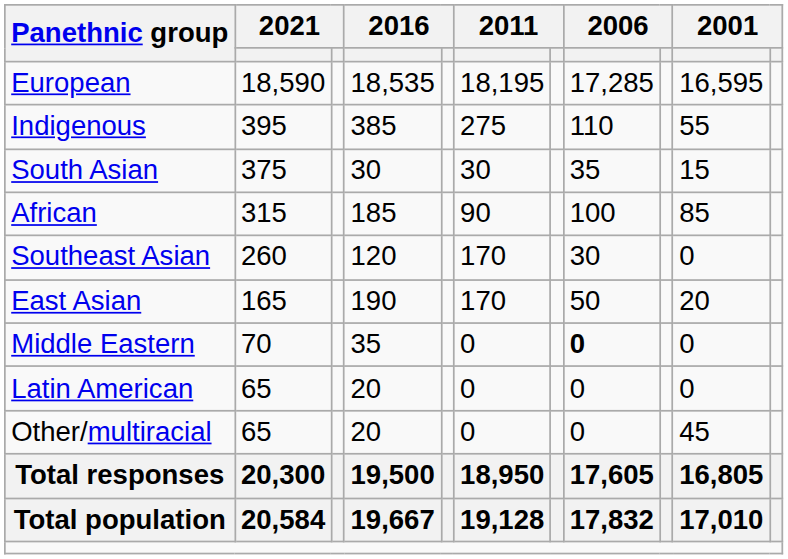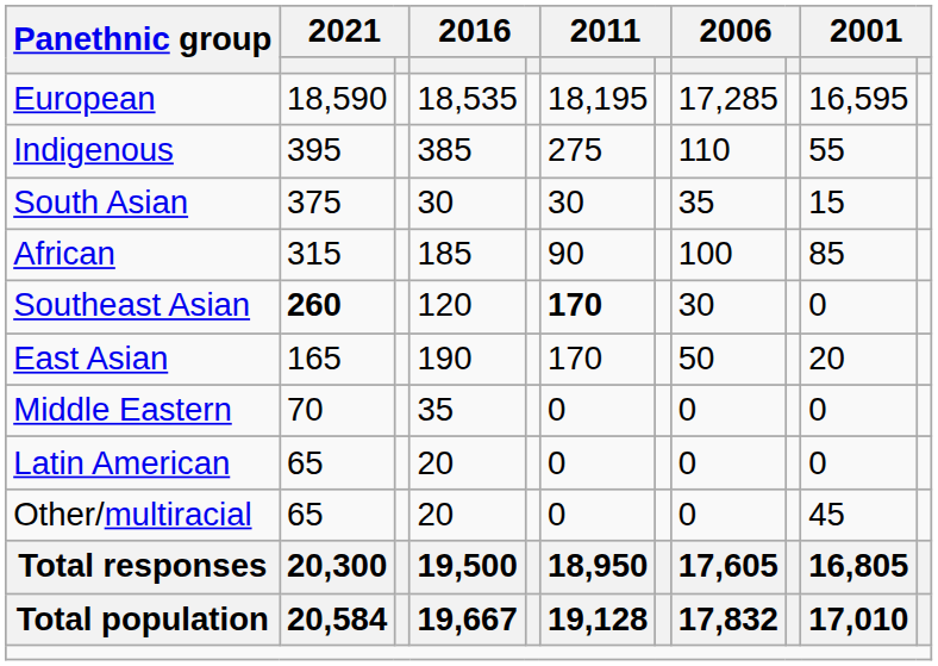 <table class="wikitable collapsible sortable">
 <tr>
 <th rowspan="2"><a href='#'>Panethnic</a> group</th>
 <th colspan="2">2021</th>
 <th colspan="2">2016</th>
 <th colspan="2">2011</th>
 <th colspan="2">2006</th>
 <th colspan="2">2001</th>
 </tr>
 <tr>
 <th><a href='#'></a></th>
 <th></th>
 <th></th>
 <th></th>
 <th></th>
 <th></th>
 <th></th>
 <th></th>
 <th></th>
 <th></th>
 </tr>
 <tr>
 <td><a href='#'>European</a></td>
 <td>18,590</td>
 <td></td>
 <td>18,535</td>
 <td></td>
 <td>18,195</td>
 <td></td>
 <td>17,285</td>
 <td></td>
 <td>16,595</td>
 <td></td>
 </tr>
 <tr>
 <td><a href='#'>Indigenous</a></td>
 <td>395</td>
 <td></td>
 <td>385</td>
 <td></td>
 <td>275</td>
 <td></td>
 <td>110</td>
 <td></td>
 <td>55</td>
 <td></td>
 </tr>
 <tr>
 <td><a href='#'>South Asian</a></td>
 <td>375</td>
 <td></td>
 <td>30</td>
 <td></td>
 <td>30</td>
 <td></td>
 <td>35</td>
 <td></td>
 <td>15</td>
 <td></td>
 </tr>
 <tr>
 <td><a href='#'>African</a></td>
 <td>315</td>
 <td></td>
 <td>185</td>
 <td></td>
 <td>90</td>
 <td></td>
 <td>100</td>
 <td></td>
 <td>85</td>
 <td></td>
 </tr>
 <tr>
 <td><a href='#'>Southeast Asian</a></td>
-<td>260</td>
+<td><strong>260</strong></td>
 <td></td>
 <td>120</td>
 <td></td>
-<td>170</td>
+<td><strong>170</strong></td>
 <td></td>
 <td>30</td>
 <td></td>
 <td>0</td>
 <td></td>
 </tr>
 <tr>
 <td><a href='#'>East Asian</a></td>
 <td>165</td>
 <td></td>
 <td>190</td>
 <td></td>
 <td>170</td>
 <td></td>
 <td>50</td>
 <td></td>
 <td>20</td>
 <td></td>
 </tr>
 <tr>
 <td><a href='#'>Middle Eastern</a></td>
 <td>70</td>
 <td></td>
 <td>35</td>
 <td></td>
 <td>0</td>
 <td></td>
-<td><strong>0</strong></td>
+<td>0</td>
 <td></td>
 <td>0</td>
 <td></td>
 </tr>
 <tr>
 <td><a href='#'>Latin American</a></td>
 <td>65</td>
 <td></td>
 <td>20</td>
 <td></td>
 <td>0</td>
 <td></td>
 <td>0</td>
 <td></td>
 <td>0</td>
 <td></td>
 </tr>
 <tr>
 <td>Other/<a href='#'>multiracial</a></td>
 <td>65</td>
 <td></td>
 <td>20</td>
 <td></td>
 <td>0</td>
 <td></td>
 <td>0</td>
 <td></td>
 <td>45</td>
 <td></td>
 </tr>
 <tr>
 <th>Total responses</th>
 <th>20,300</th>
 <th></th>
 <th>19,500</th>
 <th></th>
 <th>18,950</th>
 <th></th>
 <th>17,605</th>
 <th></th>
 <th>16,805</th>
 <th></th>
 </tr>
 <tr class="sortbottom">
 <th>Total population</th>
 <th>20,584</th>
 <th></th>
 <th>19,667</th>
 <th></th>
 <th>19,128</th>
 <th></th>
 <th>17,832</th>
 <th></th>
 <th>17,010</th>
 <th></th>
 </tr>
 <tr class="sortbottom">
 <td colspan="11"></td>
 </tr>
 </table>
